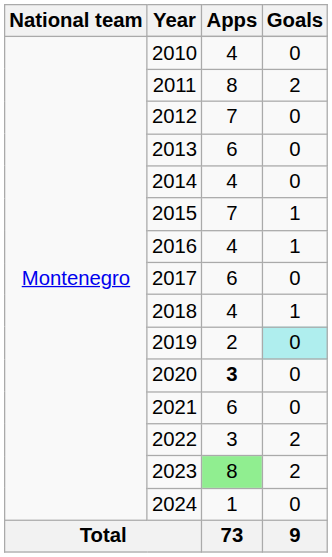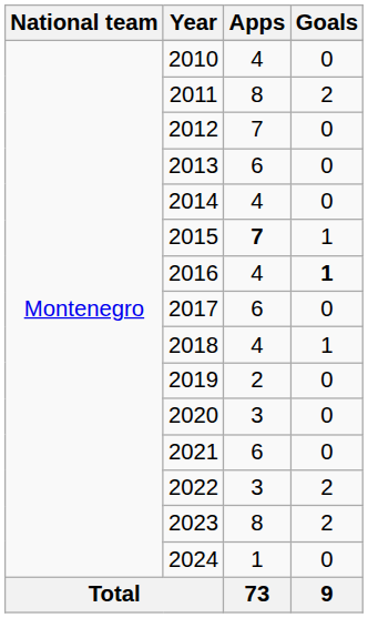 <table class="wikitable" style="text-align:center">
 <tr>
 <th>National team</th>
 <th>Year</th>
 <th>Apps</th>
 <th>Goals</th>
 </tr>
 <tr>
 <td rowspan="16"><a href='#'>Montenegro</a></td>
 </tr>
 <tr>
 <td>2010</td>
 <td>4</td>
 <td>0</td>
 </tr>
 <tr>
 <td>2011</td>
 <td>8</td>
 <td>2</td>
 </tr>
 <tr>
 <td>2012</td>
 <td>7</td>
 <td>0</td>
 </tr>
 <tr>
 <td>2013</td>
 <td>6</td>
 <td>0</td>
 </tr>
 <tr>
 <td>2014</td>
 <td>4</td>
 <td>0</td>
 </tr>
 <tr>
 <td>2015</td>
-<td>7</td>
+<td><strong>7</strong></td>
 <td>1</td>
 </tr>
 <tr>
 <td>2016</td>
 <td>4</td>
-<td>1</td>
+<td><strong>1</strong></td>
 </tr>
 <tr>
 <td>2017</td>
 <td>6</td>
 <td>0</td>
 </tr>
 <tr>
 <td>2018</td>
 <td>4</td>
 <td>1</td>
 </tr>
 <tr>
 <td>2019</td>
 <td>2</td>
-<td style="background: paleturquoise;">0</td>
+<td>0</td>
 </tr>
 <tr>
 <td>2020</td>
-<td><strong>3</strong></td>
+<td>3</td>
 <td>0</td>
 </tr>
 <tr>
 <td>2021</td>
 <td>6</td>
 <td>0</td>
 </tr>
 <tr>
 <td>2022</td>
 <td>3</td>
 <td>2</td>
 </tr>
 <tr>
 <td>2023</td>
-<td style="background: lightgreen;">8</td>
+<td>8</td>
 <td>2</td>
 </tr>
 <tr>
 <td>2024</td>
 <td>1</td>
 <td>0</td>
 </tr>
 <tr>
 <th colspan="2">Total</th>
 <th>73</th>
 <th>9</th>
 </tr>
 </table>
